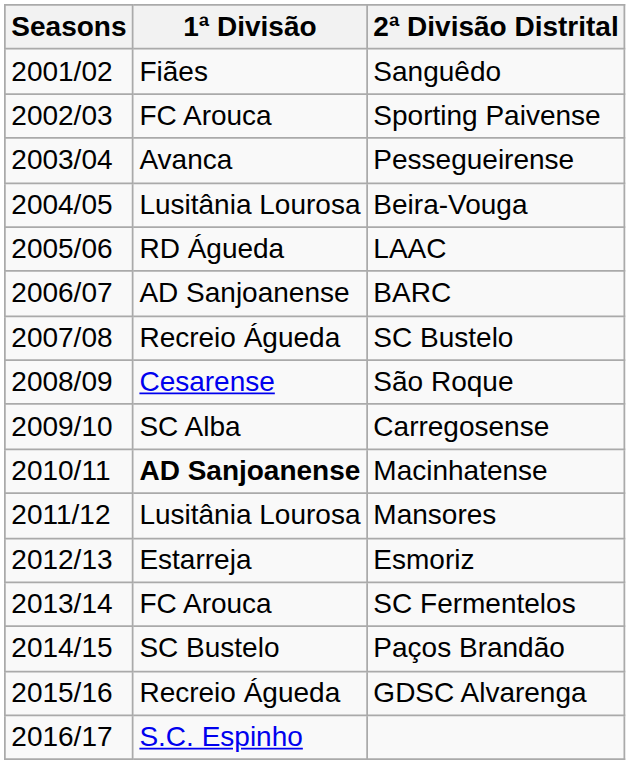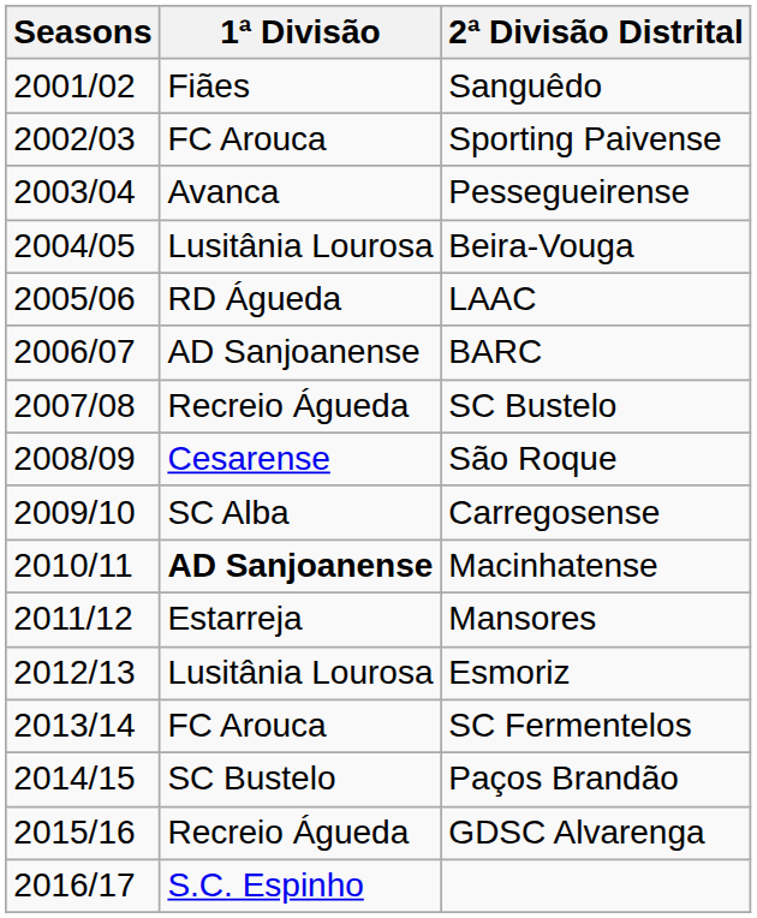 <table class="wikitable" style="text-align:left">
 <tr>
 <th style= style="width:80px;">Seasons</th>
 <th style= style="width:200px;">1ª Divisão</th>
 <th style= style="width:200px;">2ª Divisão Distrital</th>
 </tr>
 <tr>
 <td>2001/02</td>
 <td>Fiães</td>
 <td>Sanguêdo</td>
 </tr>
 <tr>
 <td>2002/03</td>
 <td>FC Arouca</td>
 <td>Sporting Paivense</td>
 </tr>
 <tr>
 <td>2003/04</td>
 <td>Avanca</td>
 <td>Pessegueirense</td>
 </tr>
 <tr>
 <td>2004/05</td>
 <td>Lusitânia Lourosa</td>
 <td>Beira-Vouga</td>
 </tr>
 <tr>
 <td>2005/06</td>
 <td>RD Águeda</td>
 <td>LAAC</td>
 </tr>
 <tr>
 <td>2006/07</td>
 <td>AD Sanjoanense</td>
 <td>BARC</td>
 </tr>
 <tr>
 <td>2007/08</td>
 <td>Recreio Águeda</td>
 <td>SC Bustelo</td>
 </tr>
 <tr>
 <td>2008/09</td>
 <td><a href='#'>Cesarense</a></td>
 <td>São Roque</td>
 </tr>
 <tr>
 <td>2009/10</td>
 <td>SC Alba</td>
 <td>Carregosense</td>
 </tr>
 <tr>
 <td>2010/11</td>
 <td><strong>AD Sanjoanense</strong></td>
 <td>Macinhatense</td>
 </tr>
 <tr>
 <td>2011/12</td>
-<td>Lusitânia Lourosa</td>
+<td>Estarreja</td>
 <td>Mansores</td>
 </tr>
 <tr>
 <td>2012/13</td>
-<td>Estarreja</td>
+<td>Lusitânia Lourosa</td>
 <td>Esmoriz</td>
 </tr>
 <tr>
 <td>2013/14</td>
 <td>FC Arouca</td>
 <td>SC Fermentelos</td>
 </tr>
 <tr>
 <td>2014/15</td>
 <td>SC Bustelo</td>
 <td>Paços Brandão</td>
 </tr>
 <tr>
 <td>2015/16</td>
 <td>Recreio Águeda</td>
 <td>GDSC Alvarenga</td>
 </tr>
 <tr>
 <td>2016/17</td>
 <td><a href='#'>S.C. Espinho</a></td>
 <td></td>
 </tr>
 </table>
